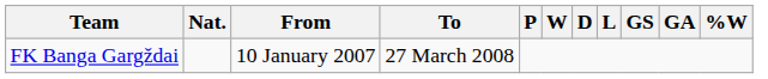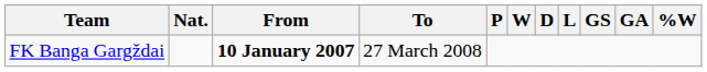 <table class="wikitable sortable" style="text-align: center">
 <tr>
 <th>Team</th>
 <th>Nat.</th>
 <th class="unsortable">From</th>
 <th class="unsortable">To</th>
 <th abbr="1">P</th>
 <th abbr="1">W</th>
 <th abbr="0">D</th>
 <th abbr="1">L</th>
 <th abbr="2">GS</th>
 <th abbr="4">GA</th>
 <th abbr="50">%W</th>
 </tr>
 <tr>
 <td align=left><a href='#'>FK Banga Gargždai</a></td>
 <td align=left></td>
-<td align=left>10 January 2007</td>
+<td align=left><strong>10 January 2007</strong></td>
 <td align=left>27 March 2008<br></td>
 </tr>
 </table>
